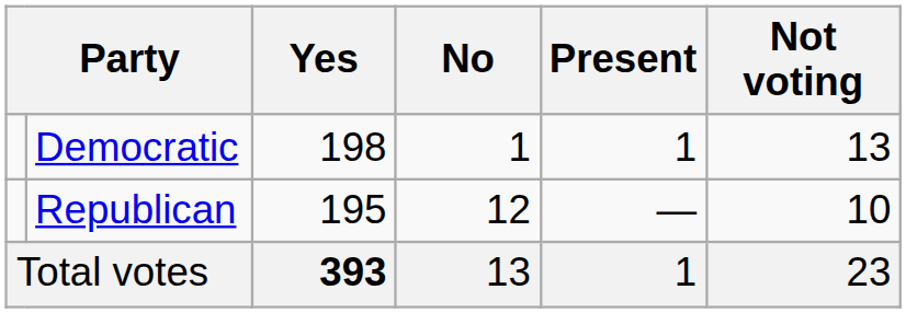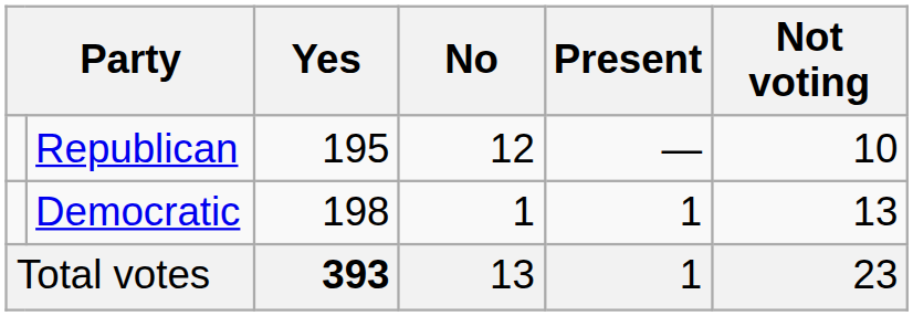 <table class="wikitable" style="float:right; background: #f9f9f9; text-align: right;">
 <tr>
 <th colspan="2" scope="col" style="width: 90px">Party</th>
 <th scope="col" style="width: 50px">Yes</th>
 <th scope="col" style="width: 50px">No</th>
 <th>Present</th>
 <th scope="col" style="width: 70px">Not voting</th>
 </tr>
 <tr>
 <td scope="row" style="background-color:"></td>
+<td scope="row" style="text-align: left;"><a href='#'>Republican</a></td>
+<td>195</td>
+<td>12</td>
+<td>—</td>
+<td>10</td>
+</tr>
+<tr>
+<td scope="row" style="background-color:"></td>
 <td scope="row" style="text-align: left;"><a href='#'>Democratic</a></td>
 <td>198</td>
 <td>1</td>
 <td>1</td>
 <td>13</td>
-</tr>
-<tr>
-<td scope="row" style="background-color:"></td>
-<td scope="row" style="text-align: left;"><a href='#'>Republican</a></td>
-<td>195</td>
-<td>12</td>
-<td>—</td>
-<td>10</td>
 </tr>
 <tr class="tfoot" style="background:#f2f2f2;">
 <td colspan="2" scope="row" style="text-align:left;">Total votes</td>
 <td> <strong>393</strong></td>
 <td>13</td>
 <td>1</td>
 <td>23</td>
 </tr>
 </table>
